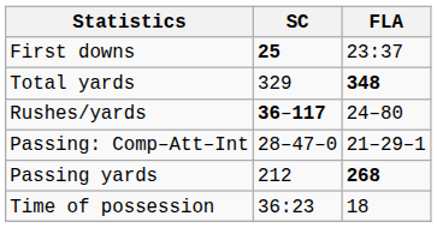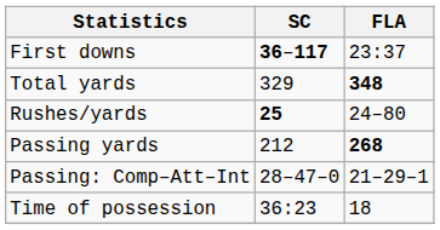 <table class="wikitable" style="float: left;">
 <tr>
 <th>Statistics</th>
 <th>SC</th>
 <th>FLA</th>
 </tr>
 <tr>
 <td>First downs</td>
-<td><strong>25</strong></td>
+<td><strong>36</strong>–<strong>117</strong></td>
 <td>23:37</td>
 </tr>
 <tr>
 <td>Total yards</td>
 <td>329</td>
 <td><strong>348</strong></td>
 </tr>
 <tr>
 <td>Rushes/yards</td>
-<td><strong>36</strong>–<strong>117</strong></td>
+<td><strong>25</strong></td>
 <td>24–80</td>
+</tr>
+<tr>
+<td>Passing yards</td>
+<td>212</td>
+<td><strong>268</strong></td>
 </tr>
 <tr>
 <td>Passing: Comp–Att–Int</td>
 <td>28–47–0</td>
 <td>21–29–1</td>
-</tr>
-<tr>
-<td>Passing yards</td>
-<td>212</td>
-<td><strong>268</strong></td>
 </tr>
 <tr>
 <td>Time of possession</td>
 <td>36:23</td>
 <td>18</td>
 </tr>
 <tr>
 </tr>
 </table>
